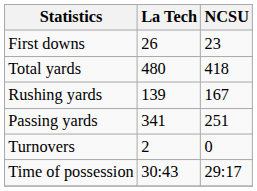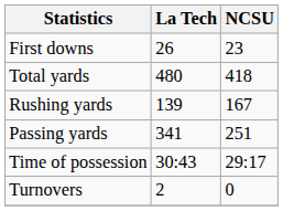 <table class="wikitable">
 <tr>
 <th>Statistics</th>
 <th>La Tech</th>
 <th>NCSU</th>
 </tr>
 <tr>
 <td>First downs</td>
 <td>26</td>
 <td>23</td>
 </tr>
 <tr>
 <td>Total yards</td>
 <td>480</td>
 <td>418</td>
 </tr>
 <tr>
 <td>Rushing yards</td>
 <td>139</td>
 <td>167</td>
 </tr>
 <tr>
 <td>Passing yards</td>
 <td>341</td>
 <td>251</td>
 </tr>
 <tr>
+<td>Time of possession</td>
+<td>30:43</td>
+<td>29:17</td>
+</tr>
+<tr>
 <td>Turnovers</td>
 <td>2</td>
 <td>0</td>
 </tr>
 <tr>
-<td>Time of possession</td>
-<td>30:43</td>
-<td>29:17</td>
-</tr>
-<tr>
 </tr>
 </table>
